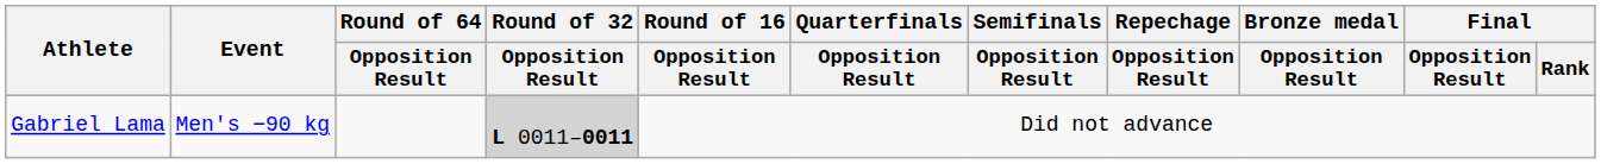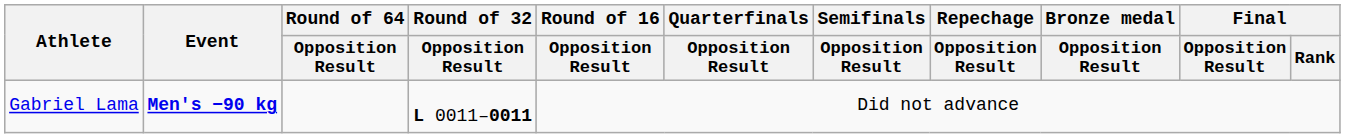 <table class="wikitable" style="font-size:90%">
 <tr>
 <th rowspan="2">Athlete</th>
 <th rowspan="2">Event</th>
 <th>Round of 64</th>
 <th>Round of 32</th>
 <th>Round of 16</th>
 <th>Quarterfinals</th>
 <th>Semifinals</th>
 <th>Repechage</th>
 <th>Bronze medal</th>
 <th colspan=2>Final</th>
 </tr>
 <tr style="font-size:95%">
 <th>Opposition<br>Result</th>
 <th>Opposition<br>Result</th>
 <th>Opposition<br>Result</th>
 <th>Opposition<br>Result</th>
 <th>Opposition<br>Result</th>
 <th>Opposition<br>Result</th>
 <th>Opposition<br>Result</th>
 <th>Opposition<br>Result</th>
 <th>Rank</th>
 </tr>
 <tr align=center>
 <td align=left><a href='#'>Gabriel Lama</a></td>
-<td align=left><a href='#'>Men's −90 kg</a></td>
+<td align=left><strong><a href='#'>Men's −90 kg</a></strong></td>
 <td></td>
-<td style="background: lightgrey;"><br><strong>L</strong> 0011–<strong>0011</strong></td>
+<td><br><strong>L</strong> 0011–<strong>0011</strong></td>
 <td colspan=7>Did not advance</td>
 </tr>
 </table>
